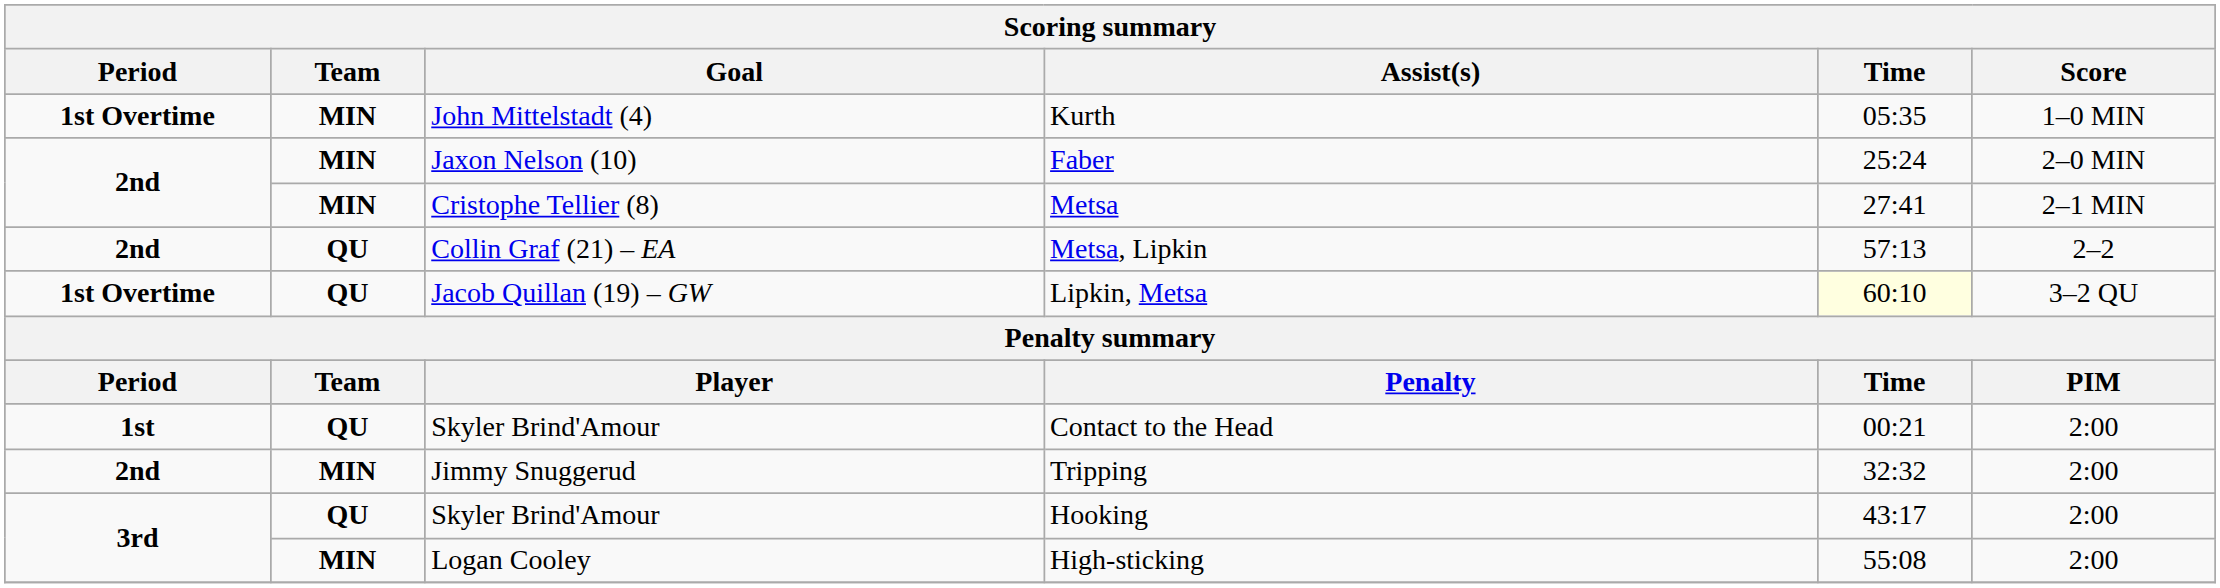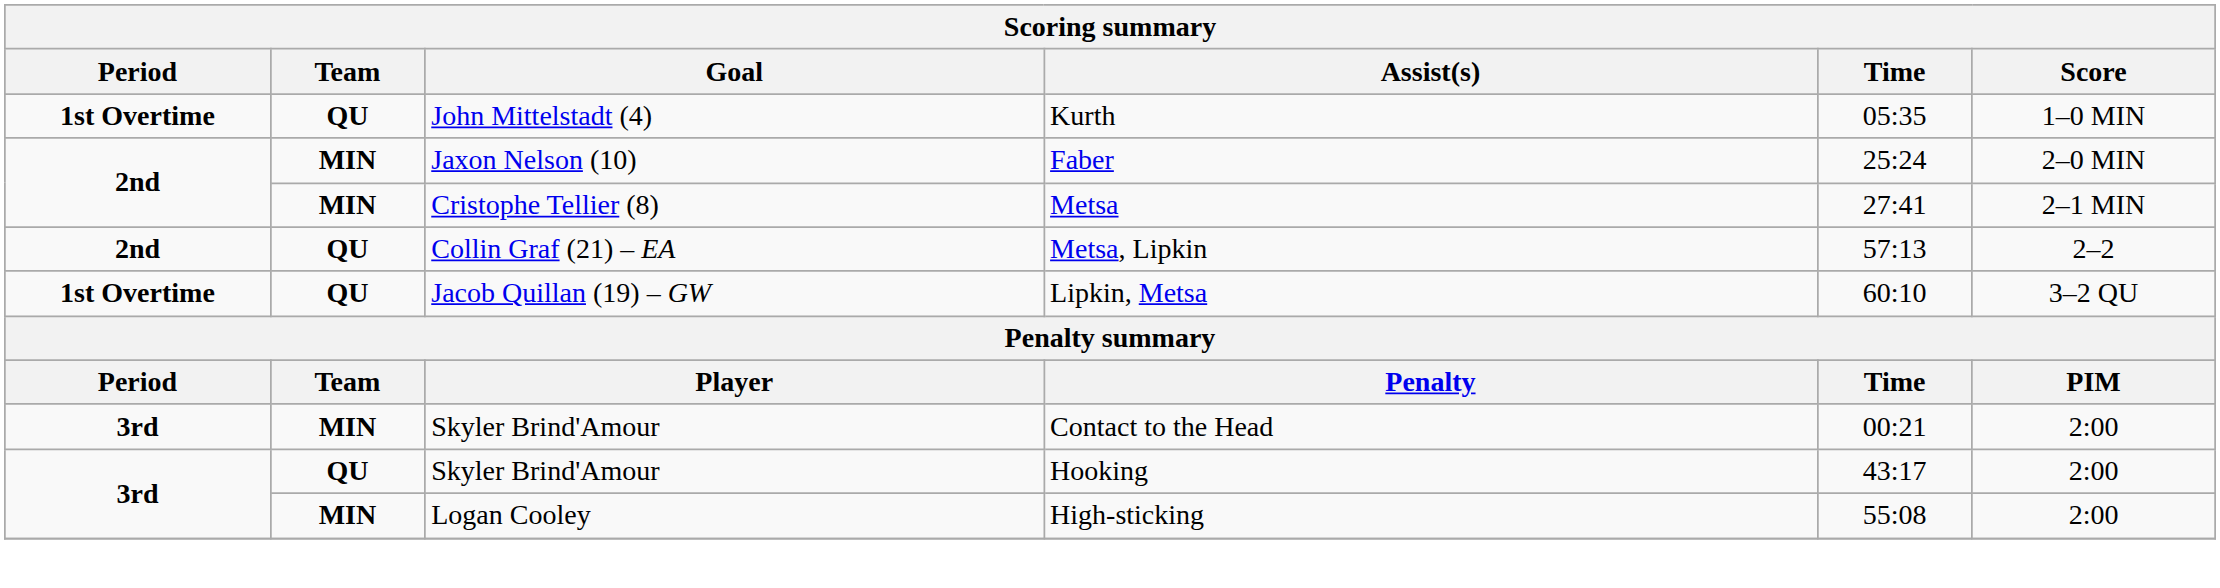 <table style="width:100%;" class="wikitable">
 <tr>
 <th colspan=6>Scoring summary</th>
 </tr>
 <tr>
 <th style="width:12%;">Period</th>
 <th style="width:7%;">Team</th>
 <th style="width:28%;">Goal</th>
 <th style="width:35%;">Assist(s)</th>
 <th style="width:7%;">Time</th>
 <th style="width:11%;">Score</th>
 </tr>
 <tr>
 <td style="text-align:center;" rowspan="1"><strong>1st Overtime</strong></td>
-<td align=center><strong>MIN</strong></td>
+<td align=center><strong>QU</strong></td>
 <td><a href='#'>John Mittelstadt</a> (4)</td>
 <td>Kurth</td>
 <td align=center>05:35</td>
 <td align=center>1–0 MIN</td>
 </tr>
 <tr>
 <td style="text-align:center;" rowspan="2"><strong>2nd</strong></td>
 <td align=center><strong>MIN</strong></td>
 <td><a href='#'>Jaxon Nelson</a> (10)</td>
 <td><a href='#'>Faber</a></td>
 <td align=center>25:24</td>
 <td align=center>2–0 MIN</td>
 </tr>
 <tr>
 <td align=center><strong>MIN</strong></td>
 <td><a href='#'>Cristophe Tellier</a> (8)</td>
 <td><a href='#'>Metsa</a></td>
 <td align=center>27:41</td>
 <td align=center>2–1 MIN</td>
 </tr>
 <tr>
 <td style="text-align:center;" rowspan="1"><strong>2nd</strong></td>
 <td align=center><strong>QU</strong></td>
 <td><a href='#'>Collin Graf</a> (21) – <em>EA</em></td>
 <td><a href='#'>Metsa</a>, Lipkin</td>
 <td align=center>57:13</td>
 <td align=center>2–2</td>
 </tr>
 <tr>
 <td style="text-align:center;" rowspan="1"><strong>1st Overtime</strong></td>
 <td align=center><strong>QU</strong></td>
 <td><a href='#'>Jacob Quillan</a> (19) – <em>GW</em></td>
 <td>Lipkin, <a href='#'>Metsa</a></td>
-<td align=center style="background: lightyellow;">60:10</td>
+<td align=center>60:10</td>
 <td align=center>3–2 QU</td>
 </tr>
 <tr>
 <th colspan=6>Penalty summary</th>
 </tr>
 <tr>
 <th style="width:12%;">Period</th>
 <th style="width:7%;">Team</th>
 <th style="width:28%;">Player</th>
 <th style="width:35%;"><a href='#'>Penalty</a></th>
 <th style="width:7%;">Time</th>
 <th style="width:11%;">PIM</th>
 </tr>
 <tr>
-<td style="text-align:center;" rowspan="1"><strong>1st</strong></td>
-<td align=center><strong>QU</strong></td>
+<td style="text-align:center;" rowspan="1"><strong>3rd</strong></td>
+<td align=center><strong>MIN</strong></td>
 <td>Skyler Brind'Amour</td>
 <td>Contact to the Head</td>
 <td align=center>00:21</td>
-<td align=center>2:00</td>
-</tr>
-<tr>
-<td style="text-align:center;" rowspan="1"><strong>2nd</strong></td>
-<td align=center><strong>MIN</strong></td>
-<td>Jimmy Snuggerud</td>
-<td>Tripping</td>
-<td align=center>32:32</td>
 <td align=center>2:00</td>
 </tr>
 <tr>
 <td style="text-align:center;" rowspan="2"><strong>3rd</strong></td>
 <td align=center><strong>QU</strong></td>
 <td>Skyler Brind'Amour</td>
 <td>Hooking</td>
 <td align=center>43:17</td>
 <td align=center>2:00</td>
 </tr>
 <tr>
 <td align=center><strong>MIN</strong></td>
 <td>Logan Cooley</td>
 <td>High-sticking</td>
 <td align=center>55:08</td>
 <td align=center>2:00</td>
 </tr>
 <tr>
 </tr>
 </table>
